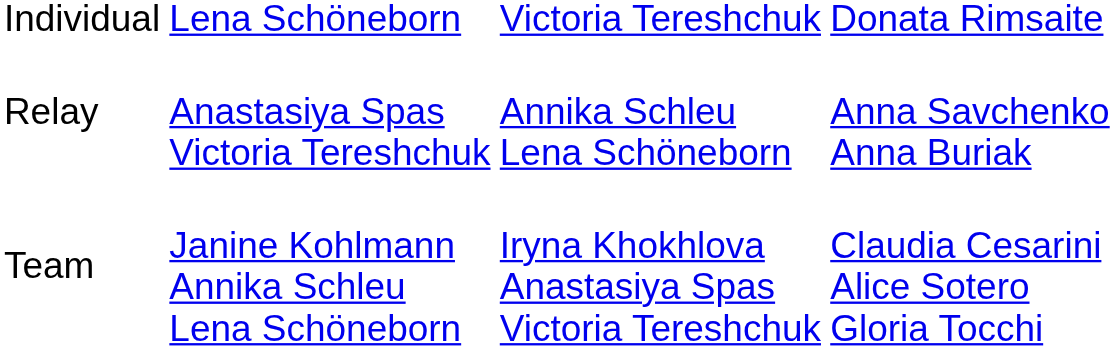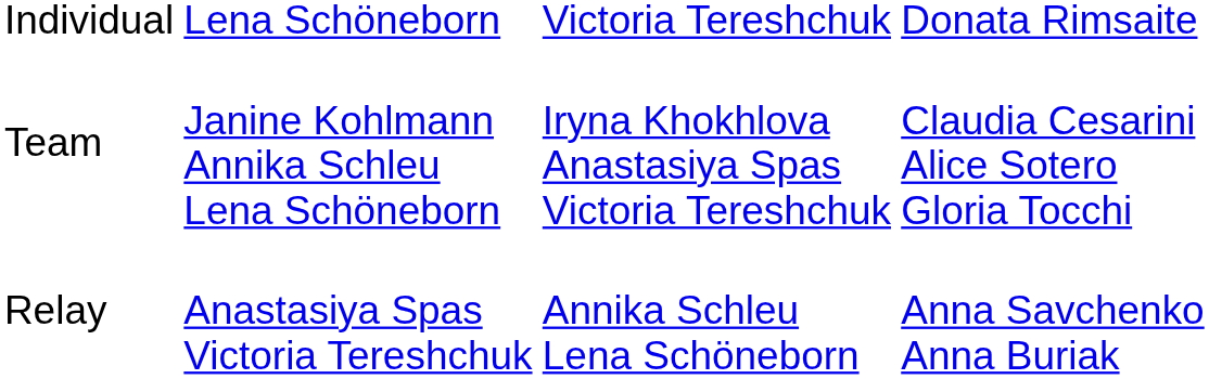 <table>
 <tr>
 <td>Individual</td>
 <td> <a href='#'>Lena Schöneborn</a></td>
 <td> <a href='#'>Victoria Tereshchuk</a></td>
 <td> <a href='#'>Donata Rimsaite</a></td>
 </tr>
 <tr>
+<td>Team</td>
+<td><br><a href='#'>Janine Kohlmann</a><br><a href='#'>Annika Schleu</a><br><a href='#'>Lena Schöneborn</a></td>
+<td><br><a href='#'>Iryna Khokhlova</a><br><a href='#'>Anastasiya Spas</a><br><a href='#'>Victoria Tereshchuk</a></td>
+<td><br><a href='#'>Claudia Cesarini</a><br><a href='#'>Alice Sotero</a><br><a href='#'>Gloria Tocchi</a></td>
+</tr>
+<tr>
 <td>Relay</td>
 <td><br><a href='#'>Anastasiya Spas</a><br><a href='#'>Victoria Tereshchuk</a></td>
 <td><br><a href='#'>Annika Schleu</a><br><a href='#'>Lena Schöneborn</a></td>
 <td><br><a href='#'>Anna Savchenko</a><br><a href='#'>Anna Buriak</a></td>
 </tr>
-<tr>
-<td>Team</td>
-<td><br><a href='#'>Janine Kohlmann</a><br><a href='#'>Annika Schleu</a><br><a href='#'>Lena Schöneborn</a></td>
-<td><br><a href='#'>Iryna Khokhlova</a><br><a href='#'>Anastasiya Spas</a><br><a href='#'>Victoria Tereshchuk</a></td>
-<td><br><a href='#'>Claudia Cesarini</a><br><a href='#'>Alice Sotero</a><br><a href='#'>Gloria Tocchi</a></td>
-</tr>
 </table>
